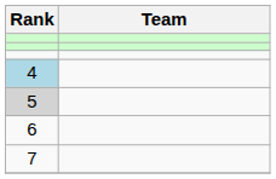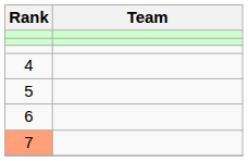 <table class="wikitable" style="text-align:center">
 <tr>
 <th width=40>Rank</th>
 <th width=180>Team</th>
 </tr>
 <tr bgcolor=#ccffcc>
 <td></td>
 <td style="text-align:left"></td>
 </tr>
 <tr bgcolor=#ccffcc>
 <td></td>
 <td style="text-align:left"></td>
 </tr>
 <tr>
 <td></td>
 <td style="text-align:left"></td>
 </tr>
 <tr>
-<td style="background: lightblue;">4</td>
+<td>4</td>
 <td style="text-align:left"></td>
 </tr>
 <tr>
-<td style="background: lightgrey;">5</td>
+<td>5</td>
 <td style="text-align:left"></td>
 </tr>
 <tr>
 <td>6</td>
 <td style="text-align:left"></td>
 </tr>
 <tr>
-<td>7</td>
+<td style="background: lightsalmon;">7</td>
 <td style="text-align:left"></td>
 </tr>
 <tr>
 </tr>
 </table>
